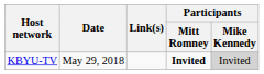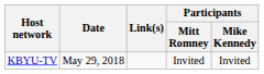 <table class="wikitable">
 <tr>
 <th rowspan="2">Host<br>network</th>
 <th rowspan="2">Date</th>
 <th rowspan="2">Link(s)</th>
 <th colspan="3">Participants</th>
 </tr>
 <tr>
 <th>Mitt<br>Romney</th>
 <th>Mike<br>Kennedy</th>
 </tr>
 <tr>
 <td align=center><a href='#'>KBYU-TV</a></td>
 <td align=center>May 29, 2018</td>
 <td align=center></td>
-<td align=center><strong>Invited</strong></td>
-<td align=center style="background: lightgrey;">Invited</td>
+<td align=center>Invited</td>
+<td align=center>Invited</td>
 </tr>
 </table>
